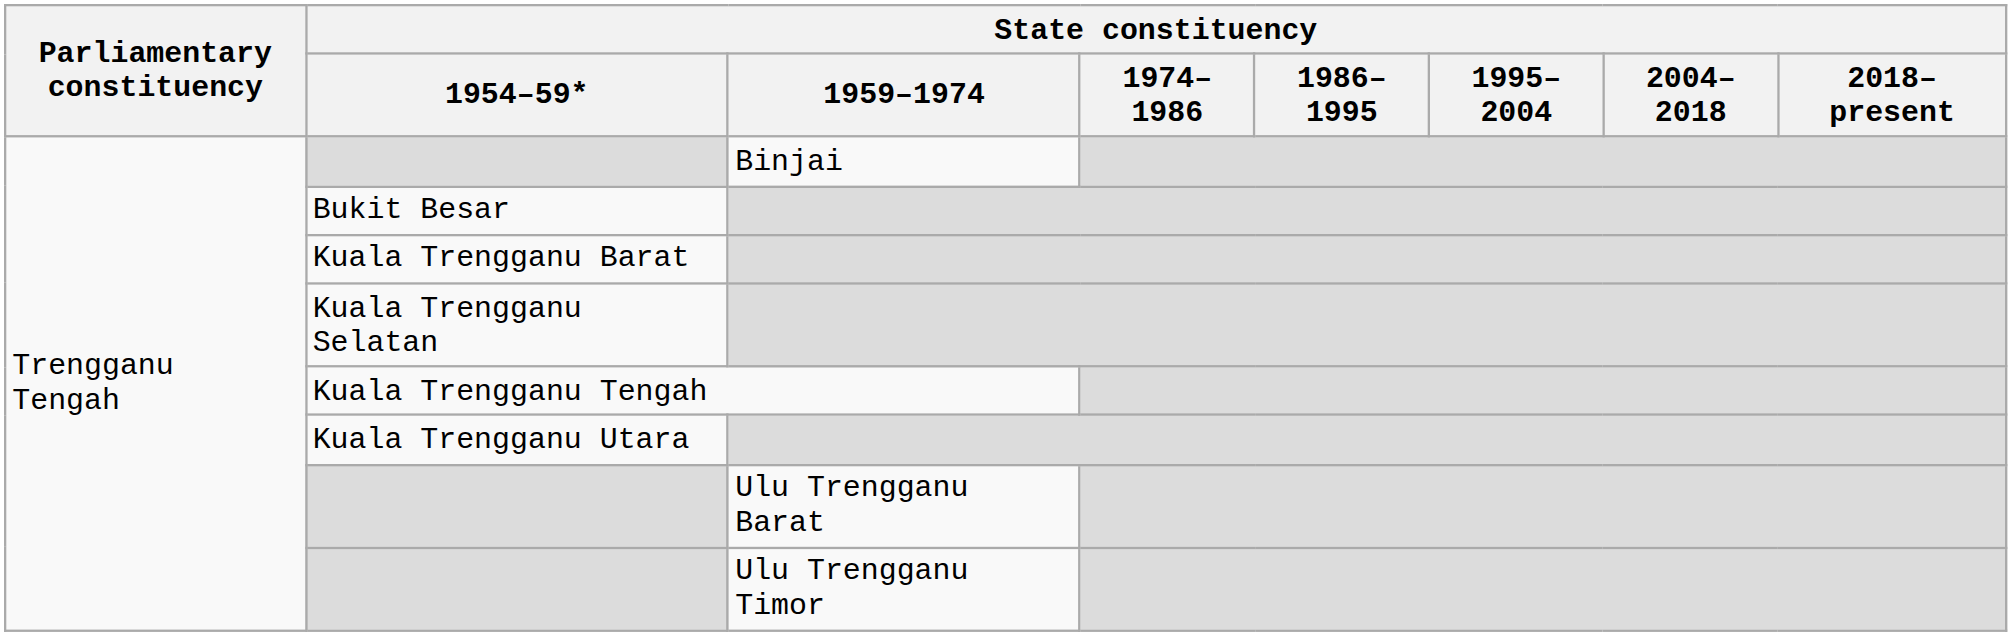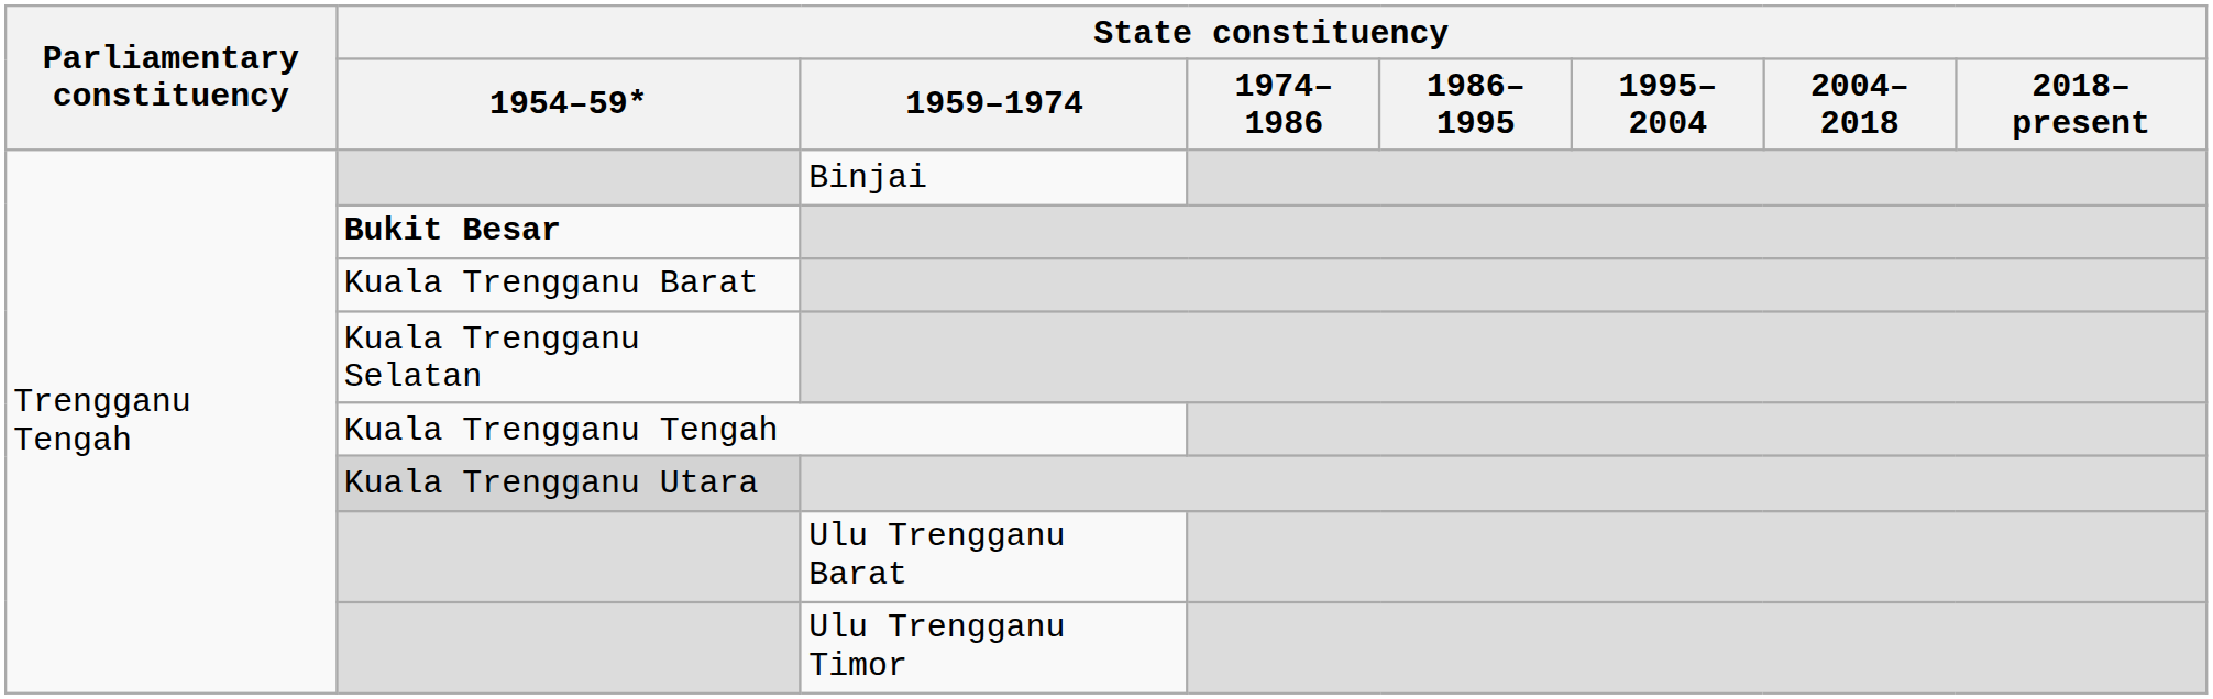 <table class="wikitable">
 <tr>
 <th rowspan="2">Parliamentary<br>constituency</th>
 <th colspan="7">State constituency</th>
 </tr>
 <tr>
 <th>1954–59*</th>
 <th>1959–1974</th>
 <th>1974–1986</th>
 <th>1986–1995</th>
 <th>1995–2004</th>
 <th>2004–2018</th>
 <th>2018–present</th>
 </tr>
 <tr>
 <td rowspan="8">Trengganu Tengah</td>
 <td bgcolor="dcdcdc"></td>
 <td>Binjai</td>
 <td colspan="5" bgcolor="dcdcdc"></td>
 </tr>
 <tr>
-<td>Bukit Besar</td>
+<td><strong>Bukit Besar</strong></td>
 <td colspan="6" bgcolor="dcdcdc"></td>
 </tr>
 <tr>
 <td>Kuala Trengganu Barat</td>
 <td colspan="6" bgcolor="dcdcdc"></td>
 </tr>
 <tr>
 <td>Kuala Trengganu Selatan</td>
 <td colspan="6" bgcolor="dcdcdc"></td>
 </tr>
 <tr>
 <td colspan="2">Kuala Trengganu Tengah</td>
 <td colspan="5" bgcolor="dcdcdc"></td>
 </tr>
 <tr>
-<td>Kuala Trengganu Utara</td>
+<td style="background: lightgrey;">Kuala Trengganu Utara</td>
 <td colspan="6" bgcolor="dcdcdc"></td>
 </tr>
 <tr>
 <td bgcolor="dcdcdc"></td>
 <td>Ulu Trengganu Barat</td>
 <td colspan="5" bgcolor="dcdcdc"></td>
 </tr>
 <tr>
 <td bgcolor="dcdcdc"></td>
 <td>Ulu Trengganu Timor</td>
 <td colspan="5" bgcolor="dcdcdc"></td>
 </tr>
 </table>
